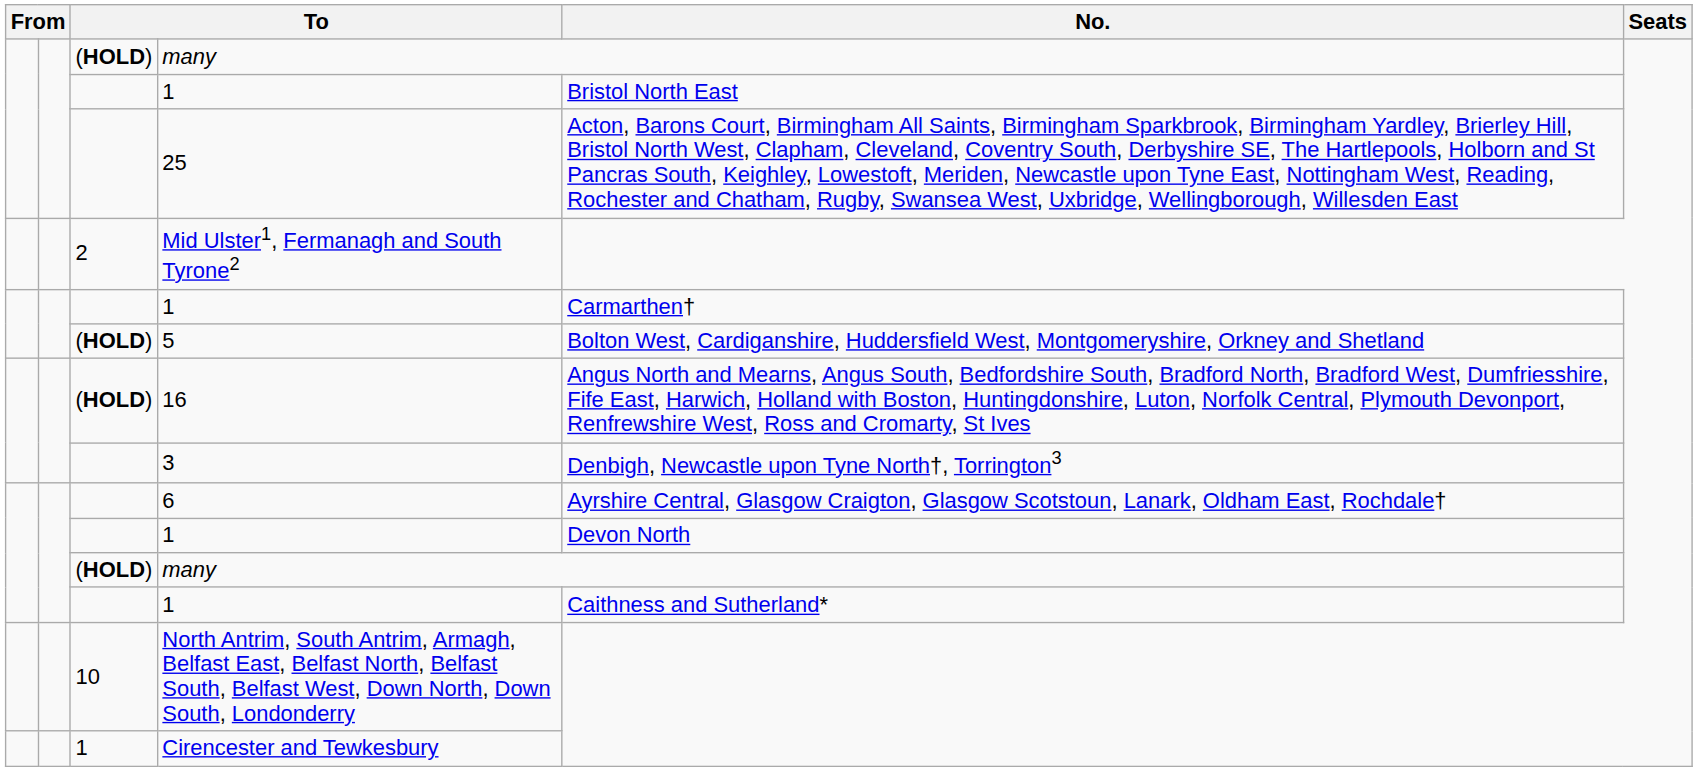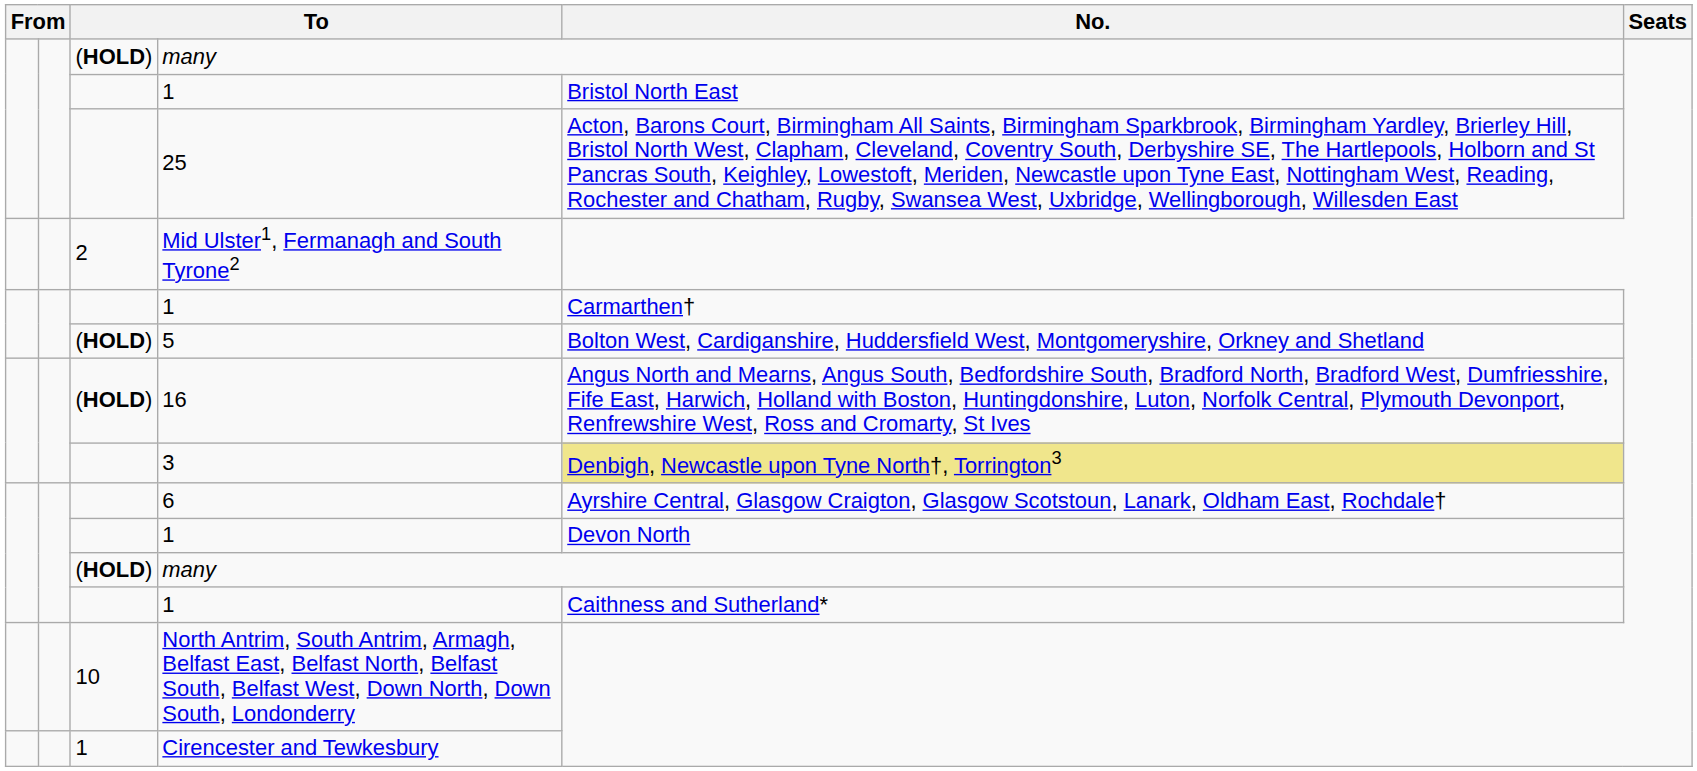 <table class="wikitable sortable" style="margin:1em">
 <tr>
 <th colspan=2>From</th>
 <th colspan=2>To</th>
 <th>No.</th>
 <th class=unsortable>Seats</th>
 </tr>
 <tr>
 <td rowspan=3 style="color:inherit;background:"></td>
 <td rowspan=3></td>
 <td> (<strong>HOLD</strong>)</td>
 <td colspan=2><em>many</em></td>
 </tr>
 <tr>
 <td></td>
 <td>1</td>
 <td><a href='#'>Bristol North East</a></td>
 </tr>
 <tr>
 <td></td>
 <td>25</td>
 <td><a href='#'>Acton</a>, <a href='#'>Barons Court</a>, <a href='#'>Birmingham All Saints</a>, <a href='#'>Birmingham Sparkbrook</a>, <a href='#'>Birmingham Yardley</a>, <a href='#'>Brierley Hill</a>, <a href='#'>Bristol North West</a>, <a href='#'>Clapham</a>, <a href='#'>Cleveland</a>, <a href='#'>Coventry South</a>, <a href='#'>Derbyshire SE</a>, <a href='#'>The Hartlepools</a>, <a href='#'>Holborn and St Pancras South</a>, <a href='#'>Keighley</a>, <a href='#'>Lowestoft</a>, <a href='#'>Meriden</a>, <a href='#'>Newcastle upon Tyne East</a>, <a href='#'>Nottingham West</a>, <a href='#'>Reading</a>, <a href='#'>Rochester and Chatham</a>, <a href='#'>Rugby</a>, <a href='#'>Swansea West</a>, <a href='#'>Uxbridge</a>, <a href='#'>Wellingborough</a>, <a href='#'>Willesden East</a></td>
 </tr>
 <tr>
 <td></td>
 <td></td>
 <td>2</td>
 <td><a href='#'>Mid Ulster</a><sup>1</sup>, <a href='#'>Fermanagh and South Tyrone</a><sup>2</sup></td>
 </tr>
 <tr>
 <td rowspan=2 style="color:inherit;background:"></td>
 <td rowspan=2></td>
 <td></td>
 <td>1</td>
 <td><a href='#'>Carmarthen</a>†</td>
 </tr>
 <tr>
 <td> (<strong>HOLD</strong>)</td>
 <td>5</td>
 <td><a href='#'>Bolton West</a>, <a href='#'>Cardiganshire</a>, <a href='#'>Huddersfield West</a>, <a href='#'>Montgomeryshire</a>, <a href='#'>Orkney and Shetland</a></td>
 </tr>
 <tr>
 <td rowspan=2 style="color:inherit;background:"></td>
 <td rowspan=2></td>
 <td> (<strong>HOLD</strong>)</td>
 <td>16</td>
 <td><a href='#'>Angus North and Mearns</a>, <a href='#'>Angus South</a>, <a href='#'>Bedfordshire South</a>, <a href='#'>Bradford North</a>, <a href='#'>Bradford West</a>, <a href='#'>Dumfriesshire</a>, <a href='#'>Fife East</a>, <a href='#'>Harwich</a>, <a href='#'>Holland with Boston</a>, <a href='#'>Huntingdonshire</a>, <a href='#'>Luton</a>, <a href='#'>Norfolk Central</a>, <a href='#'>Plymouth Devonport</a>, <a href='#'>Renfrewshire West</a>, <a href='#'>Ross and Cromarty</a>, <a href='#'>St Ives</a></td>
 </tr>
 <tr>
 <td></td>
 <td>3</td>
-<td><a href='#'>Denbigh</a>, <a href='#'>Newcastle upon Tyne North</a>†, <a href='#'>Torrington</a><sup>3</sup></td>
+<td style="background: khaki;"><a href='#'>Denbigh</a>, <a href='#'>Newcastle upon Tyne North</a>†, <a href='#'>Torrington</a><sup>3</sup></td>
 </tr>
 <tr>
 <td rowspan=4 style="color:inherit;background:"></td>
 <td rowspan=4></td>
 <td></td>
 <td>6</td>
 <td><a href='#'>Ayrshire Central</a>, <a href='#'>Glasgow Craigton</a>, <a href='#'>Glasgow Scotstoun</a>, <a href='#'>Lanark</a>, <a href='#'>Oldham East</a>, <a href='#'>Rochdale</a>†</td>
 </tr>
 <tr>
 <td></td>
 <td>1</td>
 <td><a href='#'>Devon North</a></td>
 </tr>
 <tr>
 <td> (<strong>HOLD</strong>)</td>
 <td colspan=2><em>many</em></td>
 </tr>
 <tr>
 <td></td>
 <td>1</td>
 <td><a href='#'>Caithness and Sutherland</a>*</td>
 </tr>
 <tr>
 <td></td>
 <td></td>
 <td>10</td>
 <td><a href='#'>North Antrim</a>, <a href='#'>South Antrim</a>, <a href='#'>Armagh</a>, <a href='#'>Belfast East</a>, <a href='#'>Belfast North</a>, <a href='#'>Belfast South</a>, <a href='#'>Belfast West</a>, <a href='#'>Down North</a>, <a href='#'>Down South</a>, <a href='#'>Londonderry</a></td>
 </tr>
 <tr>
 <td></td>
 <td></td>
 <td>1</td>
 <td><a href='#'>Cirencester and Tewkesbury</a></td>
 </tr>
 </table>
